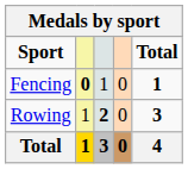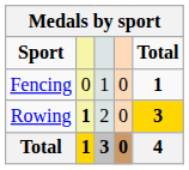 <table class="wikitable" style="font-size:85%">
 <tr style="background:#efefef;">
 <th colspan=7><strong>Medals by sport</strong></th>
 </tr>
 <tr align=center>
 <td><strong>Sport</strong></td>
 <td bgcolor=#f7f6a8></td>
 <td bgcolor=#dce5e5></td>
 <td bgcolor=#ffdab9></td>
 <td><strong>Total</strong></td>
 </tr>
 <tr align=center>
 <td><a href='#'>Fencing</a></td>
-<td style="background:#F7F6A8;"><strong>0</strong></td>
+<td style="background:#F7F6A8;">0</td>
 <td style="background:#DCE5E5;">1</td>
 <td style="background:#FFDAB9;">0</td>
 <td><strong>1</strong></td>
 </tr>
 <tr align=center>
 <td><a href='#'>Rowing</a></td>
-<td style="background:#F7F6A8;">1</td>
-<td style="background:#DCE5E5;"><strong>2</strong></td>
+<td style="background:#F7F6A8;"><strong>1</strong></td>
+<td style="background:#DCE5E5;">2</td>
 <td style="background:#FFDAB9;">0</td>
-<td><strong>3</strong></td>
+<td style="background: gold;"><strong>3</strong></td>
 </tr>
 <tr align=center>
 <th><strong>Total</strong></th>
 <th style="background:gold;"><strong>1</strong></th>
 <th style="background:silver;"><strong>3</strong></th>
 <th style="background:#c96;"><strong>0</strong></th>
 <th><strong>4</strong></th>
 </tr>
 </table>
